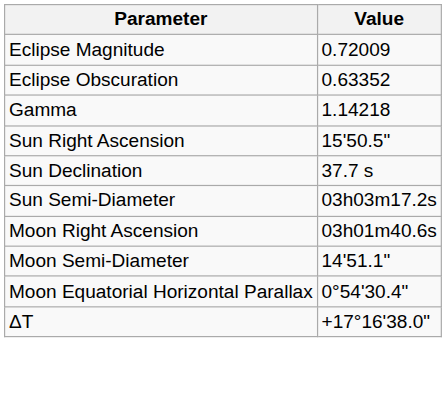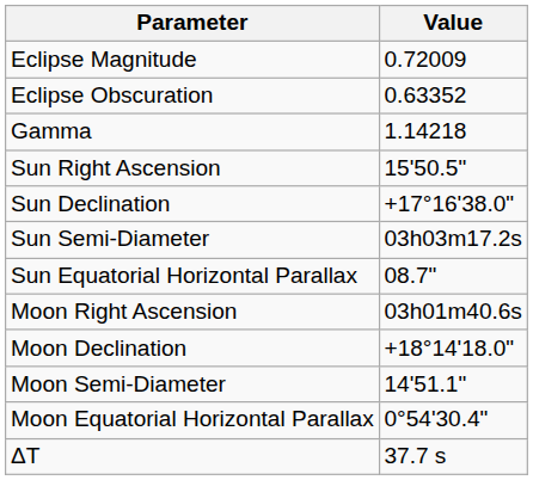 <table class="wikitable">
 <tr>
 <th>Parameter</th>
 <th>Value</th>
 </tr>
 <tr>
 <td>Eclipse Magnitude</td>
 <td>0.72009</td>
 </tr>
 <tr>
 <td>Eclipse Obscuration</td>
 <td>0.63352</td>
 </tr>
 <tr>
 <td>Gamma</td>
 <td>1.14218</td>
 </tr>
 <tr>
 <td>Sun Right Ascension</td>
 <td>15'50.5"</td>
 </tr>
 <tr>
 <td>Sun Declination</td>
-<td>37.7 s</td>
+<td>+17°16'38.0"</td>
 </tr>
 <tr>
 <td>Sun Semi-Diameter</td>
 <td>03h03m17.2s</td>
 </tr>
 <tr>
+<td>Sun Equatorial Horizontal Parallax</td>
+<td>08.7"</td>
+</tr>
+<tr>
 <td>Moon Right Ascension</td>
 <td>03h01m40.6s</td>
+</tr>
+<tr>
+<td>Moon Declination</td>
+<td>+18°14'18.0"</td>
 </tr>
 <tr>
 <td>Moon Semi-Diameter</td>
 <td>14'51.1"</td>
 </tr>
 <tr>
 <td>Moon Equatorial Horizontal Parallax</td>
 <td>0°54'30.4"</td>
 </tr>
 <tr>
 <td>ΔT</td>
-<td>+17°16'38.0"</td>
+<td>37.7 s</td>
 </tr>
 </table>
